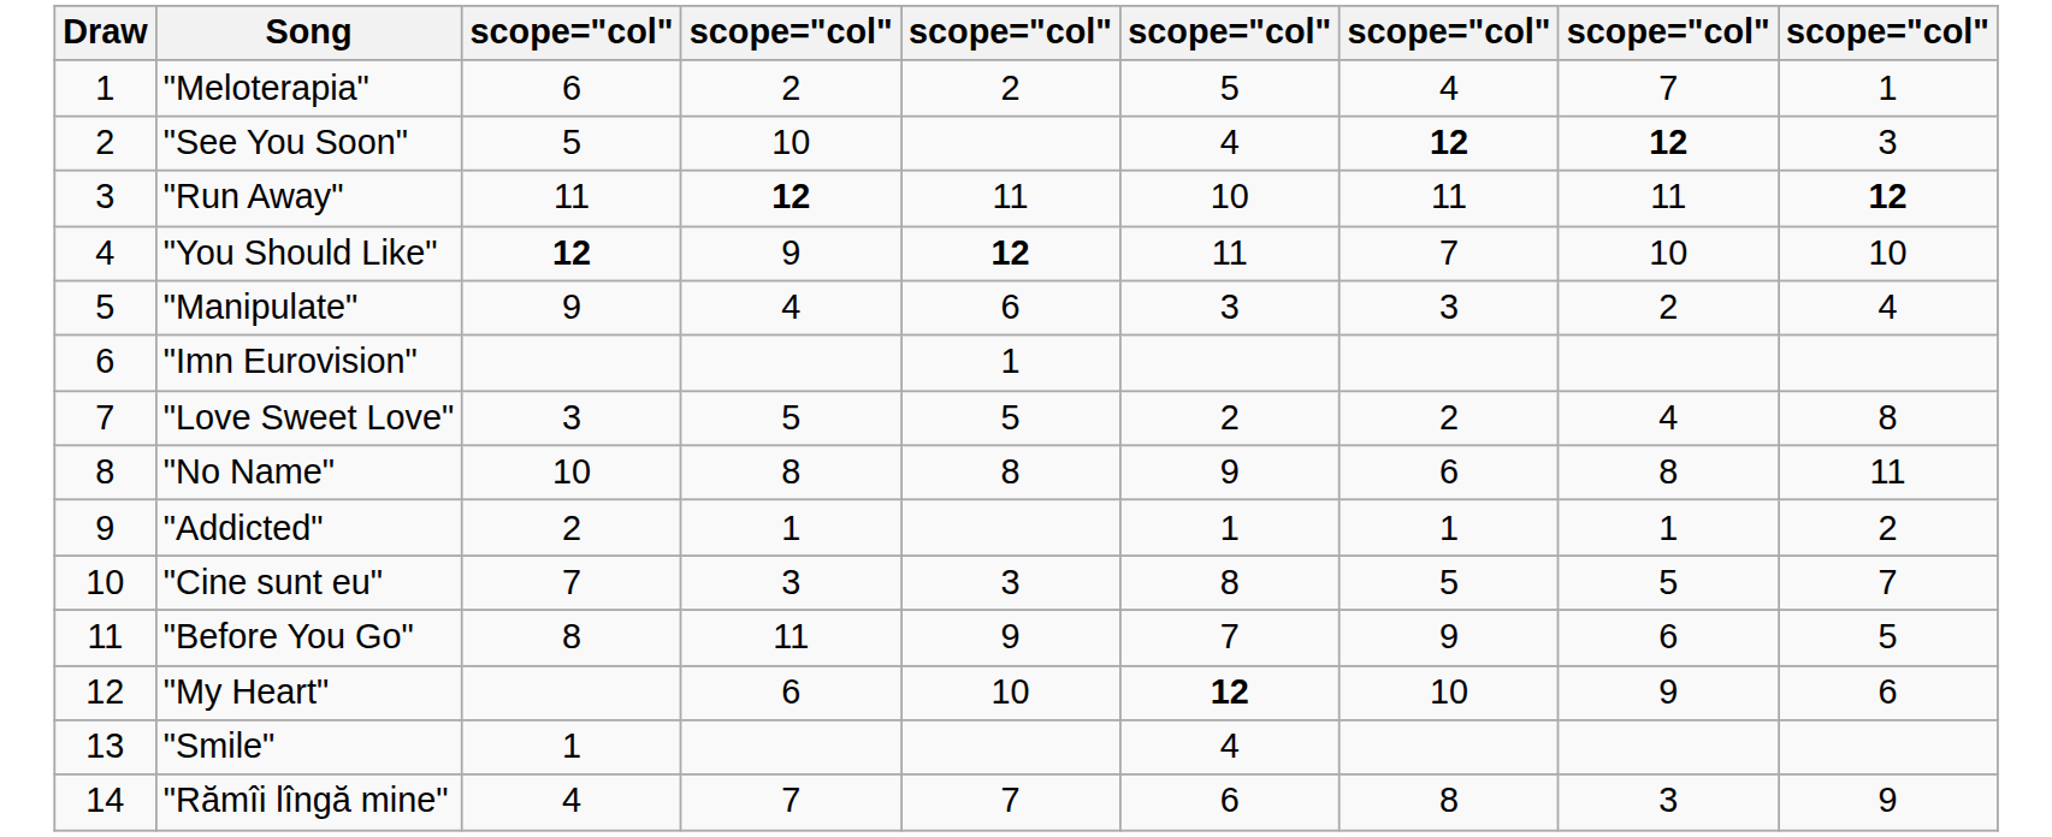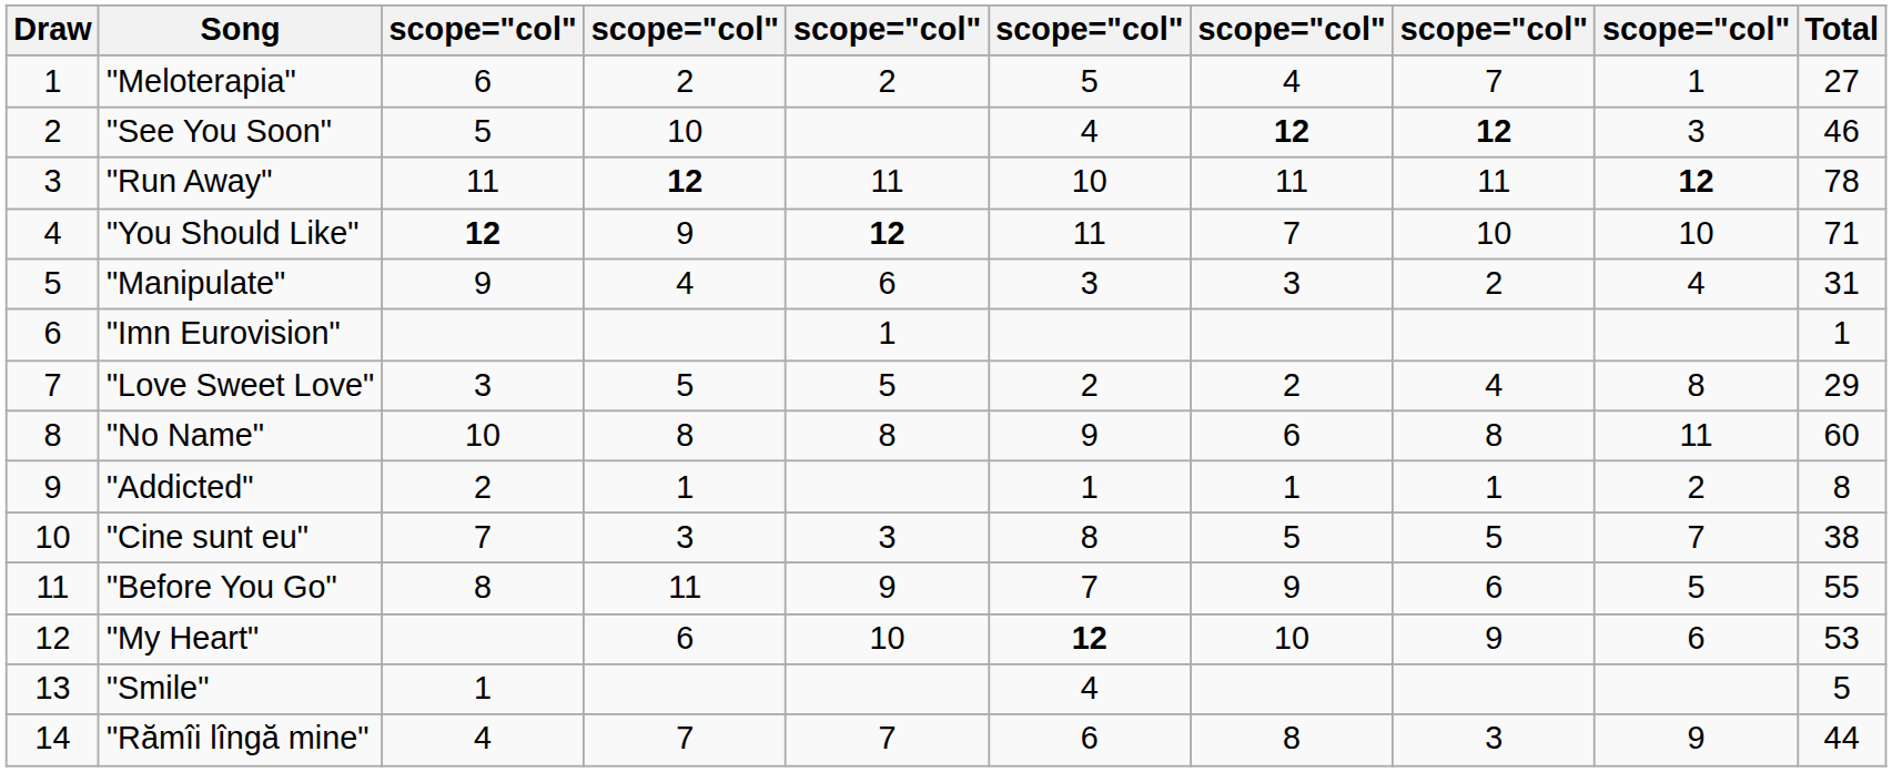 <table class="wikitable collapsible" style="margin: 1em auto 1em auto; text-align:center;">
 <tr>
 <th>Draw</th>
 <th>Song</th>
 <th>scope="col" </th>
 <th>scope="col" </th>
 <th>scope="col" </th>
 <th>scope="col" </th>
 <th>scope="col" </th>
 <th>scope="col" </th>
 <th>scope="col" </th>
+<th>Total</th>
 </tr>
 <tr>
 <td>1</td>
 <td align="left">"Meloterapia"</td>
 <td>6</td>
 <td>2</td>
 <td>2</td>
 <td>5</td>
 <td>4</td>
 <td>7</td>
 <td>1</td>
+<td>27</td>
 </tr>
 <tr>
 <td>2</td>
 <td align="left">"See You Soon"</td>
 <td>5</td>
 <td>10</td>
 <td></td>
 <td>4</td>
 <td><strong>12</strong></td>
 <td><strong>12</strong></td>
 <td>3</td>
+<td>46</td>
 </tr>
 <tr>
 <td>3</td>
 <td align="left">"Run Away"</td>
 <td>11</td>
 <td><strong>12</strong></td>
 <td>11</td>
 <td>10</td>
 <td>11</td>
 <td>11</td>
 <td><strong>12</strong></td>
+<td>78</td>
 </tr>
 <tr>
 <td>4</td>
 <td align="left">"You Should Like"</td>
 <td><strong>12</strong></td>
 <td>9</td>
 <td><strong>12</strong></td>
 <td>11</td>
 <td>7</td>
 <td>10</td>
 <td>10</td>
+<td>71</td>
 </tr>
 <tr>
 <td>5</td>
 <td align="left">"Manipulate"</td>
 <td>9</td>
 <td>4</td>
 <td>6</td>
 <td>3</td>
 <td>3</td>
 <td>2</td>
 <td>4</td>
+<td>31</td>
 </tr>
 <tr>
 <td>6</td>
 <td align="left">"Imn Eurovision"</td>
 <td></td>
 <td></td>
 <td>1</td>
 <td></td>
 <td></td>
 <td></td>
 <td></td>
+<td>1</td>
 </tr>
 <tr>
 <td>7</td>
 <td align="left">"Love Sweet Love"</td>
 <td>3</td>
 <td>5</td>
 <td>5</td>
 <td>2</td>
 <td>2</td>
 <td>4</td>
 <td>8</td>
+<td>29</td>
 </tr>
 <tr>
 <td>8</td>
 <td align="left">"No Name"</td>
 <td>10</td>
 <td>8</td>
 <td>8</td>
 <td>9</td>
 <td>6</td>
 <td>8</td>
 <td>11</td>
+<td>60</td>
 </tr>
 <tr>
 <td>9</td>
 <td align="left">"Addicted"</td>
 <td>2</td>
 <td>1</td>
 <td></td>
 <td>1</td>
 <td>1</td>
 <td>1</td>
 <td>2</td>
+<td>8</td>
 </tr>
 <tr>
 <td>10</td>
 <td align="left">"Cine sunt eu"</td>
 <td>7</td>
 <td>3</td>
 <td>3</td>
 <td>8</td>
 <td>5</td>
 <td>5</td>
 <td>7</td>
+<td>38</td>
 </tr>
 <tr>
 <td>11</td>
 <td align="left">"Before You Go"</td>
 <td>8</td>
 <td>11</td>
 <td>9</td>
 <td>7</td>
 <td>9</td>
 <td>6</td>
 <td>5</td>
+<td>55</td>
 </tr>
 <tr>
 <td>12</td>
 <td align="left">"My Heart"</td>
 <td></td>
 <td>6</td>
 <td>10</td>
 <td><strong>12</strong></td>
 <td>10</td>
 <td>9</td>
 <td>6</td>
+<td>53</td>
 </tr>
 <tr>
 <td>13</td>
 <td align="left">"Smile"</td>
 <td>1</td>
 <td></td>
 <td></td>
 <td>4</td>
 <td></td>
 <td></td>
 <td></td>
+<td>5</td>
 </tr>
 <tr>
 <td>14</td>
 <td align="left">"Rămîi lîngă mine"</td>
 <td>4</td>
 <td>7</td>
 <td>7</td>
 <td>6</td>
 <td>8</td>
 <td>3</td>
 <td>9</td>
+<td>44</td>
 </tr>
 </table>
